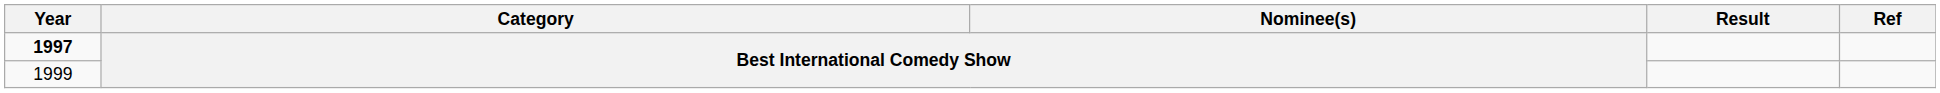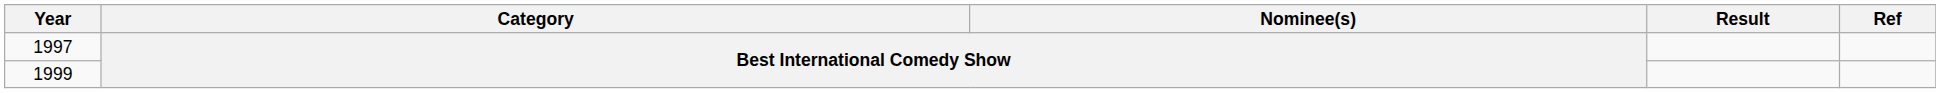 <table class="wikitable plainrowheaders" style="font-size: 90%; text-align:center" width=100%>
 <tr>
 <th scope="col" width="5%">Year</th>
 <th scope="col" width="45%">Category</th>
 <th scope="col" width="35%">Nominee(s)</th>
 <th scope="col" width="10%">Result</th>
 <th scope="col" width="5%">Ref</th>
 </tr>
 <tr>
-<td><strong>1997</strong></td>
+<td>1997</td>
 <th scope="row" style="text-align:center" rowspan="2" colspan="2">Best International Comedy Show</th>
 <td></td>
 <td></td>
 </tr>
 <tr>
 <td>1999</td>
 <td></td>
 <td></td>
 </tr>
 </table>
